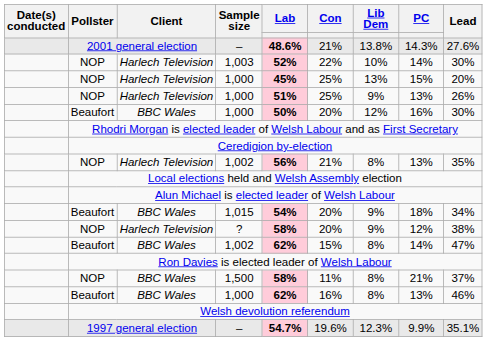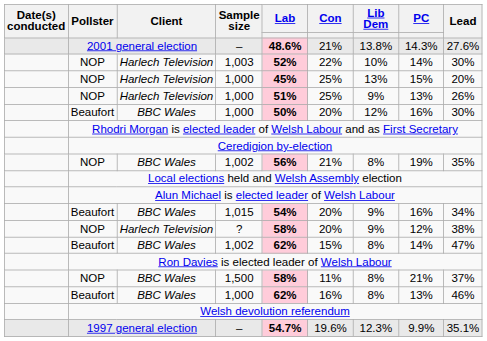 <table class="wikitable sortable mw-datatable" style="text-align:center;font-size:90%;line-height:14px;">
 <tr>
 <th rowspan="2">Date(s)<br>conducted</th>
 <th rowspan="2">Pollster</th>
 <th rowspan="2">Client</th>
 <th rowspan="2" data-sort-type="number">Sample<br>size</th>
 <th class="unsortable" style="width:50px;"><a href='#'>Lab</a></th>
 <th class="unsortable" style="width:50px;"><a href='#'>Con</a></th>
 <th class="unsortable" style="width:50px;"><a href='#'>Lib Dem</a></th>
 <th class="unsortable" style="width:50px;"><a href='#'>PC</a></th>
 <th rowspan="2">Lead</th>
 </tr>
 <tr>
 <th data-sort-type="number" style="background:"></th>
 <th data-sort-type="number" style="background:"></th>
 <th data-sort-type="number" style="background:"></th>
 <th data-sort-type="number" style="background:"></th>
 </tr>
 <tr style="background:#E9E9E9;">
 <td></td>
 <td colspan="2"><a href='#'>2001 general election</a></td>
 <td>–</td>
 <td style="background:#FFCCDA;"><strong>48.6%</strong></td>
 <td>21%</td>
 <td>13.8%</td>
 <td>14.3%</td>
 <td style="background:">27.6%</td>
 </tr>
 <tr>
 <td></td>
 <td>NOP</td>
 <td><em>Harlech Television</em></td>
 <td>1,003</td>
 <td style="background:#FFCCDA;"><strong>52%</strong></td>
 <td>22%</td>
 <td>10%</td>
 <td>14%</td>
 <td style="background:">30%</td>
 </tr>
 <tr>
 <td></td>
 <td>NOP</td>
 <td><em>Harlech Television</em></td>
 <td>1,000</td>
 <td style="background:#FFCCDA;"><strong>45%</strong></td>
 <td>25%</td>
 <td>13%</td>
 <td>15%</td>
 <td style="background:">20%</td>
 </tr>
 <tr>
 <td></td>
 <td>NOP</td>
 <td><em>Harlech Television</em></td>
 <td>1,000</td>
 <td style="background:#FFCCDA;"><strong>51%</strong></td>
 <td>25%</td>
 <td>9%</td>
 <td>13%</td>
 <td style="background:">26%</td>
 </tr>
 <tr>
 <td></td>
 <td>Beaufort</td>
 <td><em>BBC Wales</em></td>
 <td>1,000</td>
 <td style="background:#FFCCDA;"><strong>50%</strong></td>
 <td>20%</td>
 <td>12%</td>
 <td>16%</td>
 <td style="background:">30%</td>
 </tr>
 <tr>
 <td></td>
 <td colspan="8"><a href='#'>Rhodri Morgan</a> is <a href='#'>elected leader</a> of <a href='#'>Welsh Labour</a> and as <a href='#'>First Secretary</a></td>
 </tr>
 <tr>
 <td></td>
 <td colspan=8><a href='#'>Ceredigion by-election</a></td>
 </tr>
 <tr>
 <td></td>
 <td>NOP</td>
-<td><em>Harlech Television</em></td>
+<td><em>BBC Wales</em></td>
 <td>1,002</td>
 <td style="background:#FFCCDA;"><strong>56%</strong></td>
 <td>21%</td>
 <td>8%</td>
-<td>13%</td>
+<td>19%</td>
 <td style="background:">35%</td>
 </tr>
 <tr>
 <td></td>
 <td colspan="8"><a href='#'>Local elections</a> held and <a href='#'>Welsh Assembly</a> election</td>
 </tr>
 <tr>
 <td></td>
 <td colspan="8"><a href='#'>Alun Michael</a> is <a href='#'>elected leader</a> of <a href='#'>Welsh Labour</a></td>
 </tr>
 <tr>
 <td></td>
 <td>Beaufort</td>
 <td><em>BBC Wales</em></td>
 <td>1,015</td>
 <td style="background:#FFCCDA;"><strong>54%</strong></td>
 <td>20%</td>
 <td>9%</td>
-<td>18%</td>
+<td>16%</td>
 <td style="background:">34%</td>
 </tr>
 <tr>
 <td></td>
 <td>NOP</td>
 <td><em>Harlech Television</em></td>
 <td>?</td>
 <td style="background:#FFCCDA;"><strong>58%</strong></td>
 <td>20%</td>
 <td>9%</td>
 <td>12%</td>
 <td style="background:">38%</td>
 </tr>
 <tr>
 <td></td>
 <td>Beaufort</td>
 <td><em>BBC Wales</em></td>
 <td>1,002</td>
 <td style="background:#FFCCDA;"><strong>62%</strong></td>
 <td>15%</td>
 <td>8%</td>
 <td>14%</td>
 <td style="background:">47%</td>
 </tr>
 <tr>
 <td></td>
 <td colspan="8"><a href='#'>Ron Davies</a> is elected leader of <a href='#'>Welsh Labour</a></td>
 </tr>
 <tr>
 <td></td>
 <td>NOP</td>
 <td><em>BBC Wales</em></td>
 <td>1,500</td>
 <td style="background:#FFCCDA;"><strong>58%</strong></td>
 <td>11%</td>
 <td>8%</td>
 <td>21%</td>
 <td style="background:">37%</td>
 </tr>
 <tr>
 <td></td>
 <td>Beaufort</td>
 <td><em>BBC Wales</em></td>
 <td>1,000</td>
 <td style="background:#FFCCDA;"><strong>62%</strong></td>
 <td>16%</td>
 <td>8%</td>
 <td>13%</td>
 <td style="background:">46%</td>
 </tr>
 <tr>
 <td></td>
 <td colspan="8"><a href='#'>Welsh devolution referendum</a></td>
 </tr>
 <tr style="background:#E9E9E9;">
 <td></td>
 <td colspan="2"><a href='#'>1997 general election</a></td>
 <td>–</td>
 <td style="background:#FFCCDA;"><strong>54.7%</strong></td>
 <td>19.6%</td>
 <td>12.3%</td>
 <td>9.9%</td>
 <td style="background:">35.1%</td>
 </tr>
 </table>
